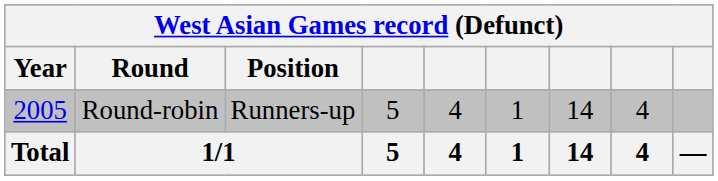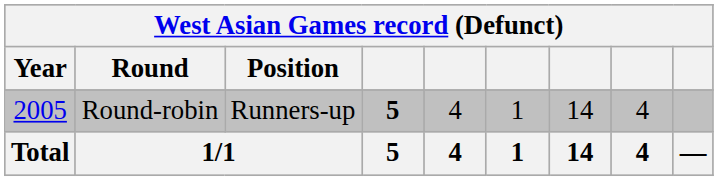 <table class="wikitable" style="text-align: center;">
 <tr>
 <th colspan=9><a href='#'>West Asian Games record</a> (Defunct)</th>
 </tr>
 <tr>
 <th>Year</th>
 <th>Round</th>
 <th>Position</th>
 <th width=30></th>
 <th width=30></th>
 <th width=30></th>
 <th width=30></th>
 <th width=30></th>
 <th></th>
 </tr>
 <tr bgcolor=silver>
 <td> <a href='#'>2005</a></td>
 <td>Round-robin</td>
 <td>Runners-up</td>
-<td>5</td>
+<td><strong>5</strong></td>
 <td>4</td>
 <td>1</td>
 <td>14</td>
 <td>4</td>
 <td></td>
 </tr>
 <tr>
 <th>Total</th>
 <th colspan=2>1/1</th>
 <th>5</th>
 <th>4</th>
 <th>1</th>
 <th>14</th>
 <th>4</th>
 <th>—</th>
 </tr>
 </table>
